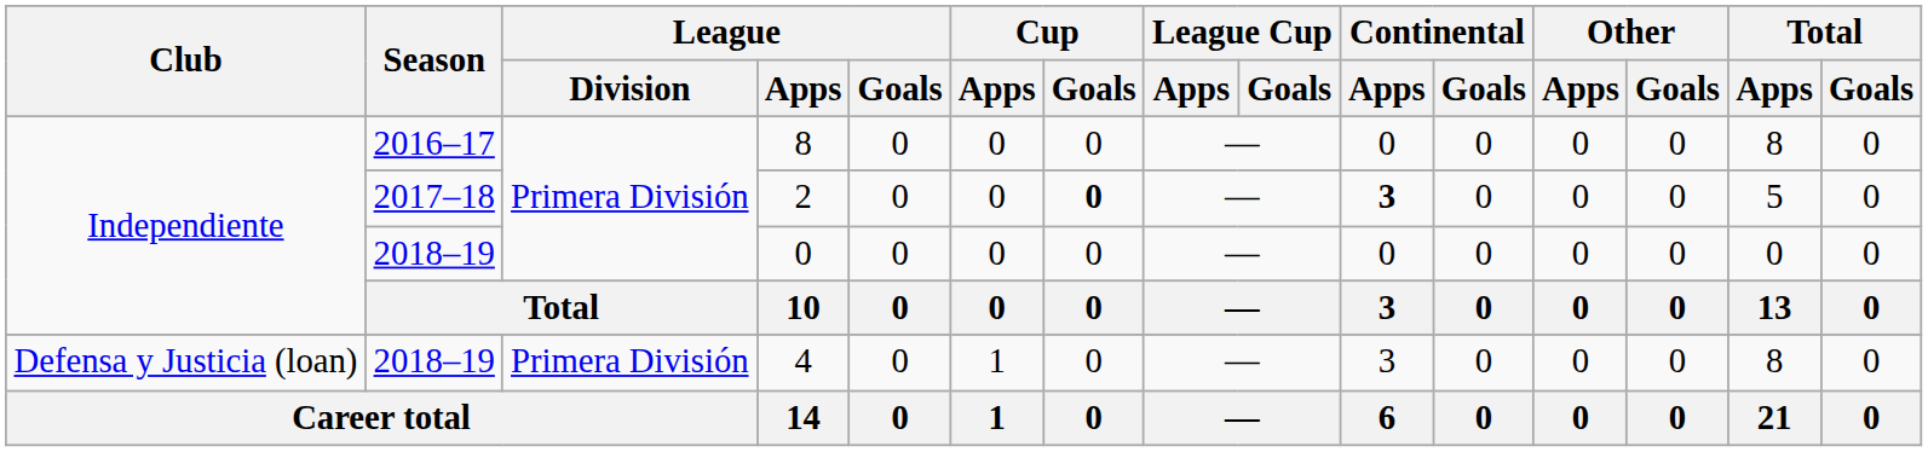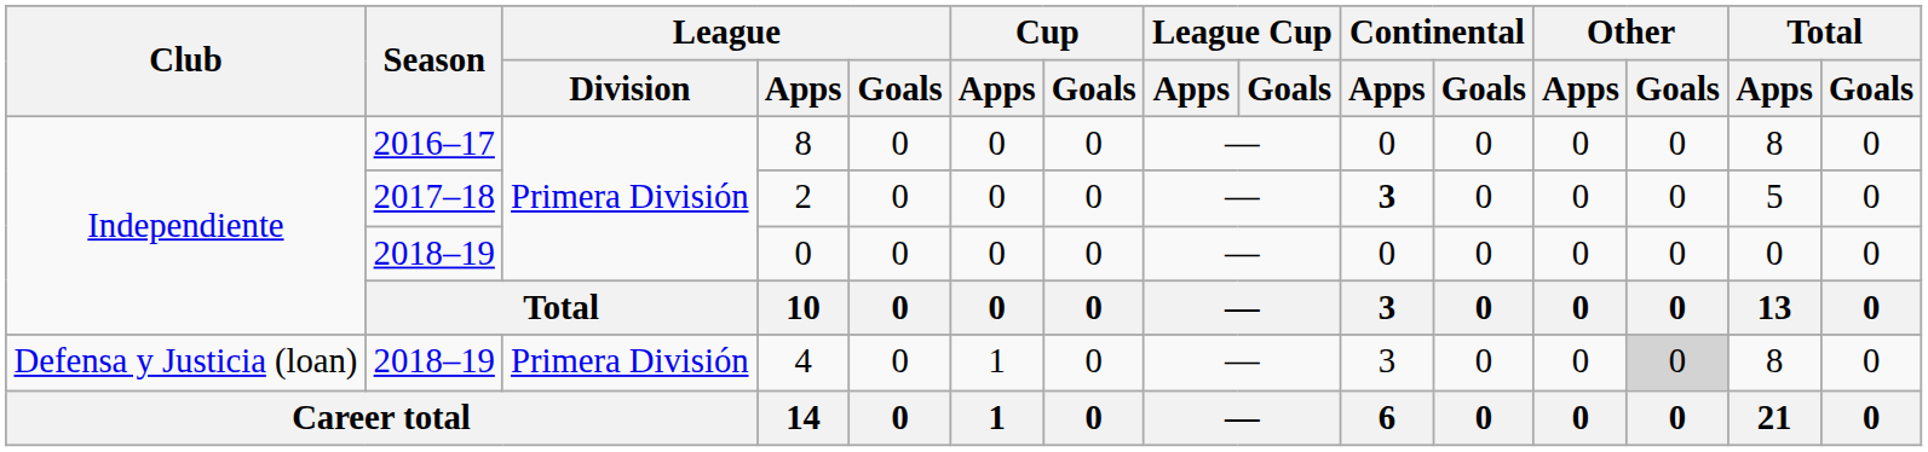 <table class="wikitable" style="text-align:center">
 <tr>
 <th rowspan="2">Club</th>
 <th rowspan="2">Season</th>
 <th colspan="3">League</th>
 <th colspan="2">Cup</th>
 <th colspan="2">League Cup</th>
 <th colspan="2">Continental</th>
 <th colspan="2">Other</th>
 <th colspan="2">Total</th>
 </tr>
 <tr>
 <th>Division</th>
 <th>Apps</th>
 <th>Goals</th>
 <th>Apps</th>
 <th>Goals</th>
 <th>Apps</th>
 <th>Goals</th>
 <th>Apps</th>
 <th>Goals</th>
 <th>Apps</th>
 <th>Goals</th>
 <th>Apps</th>
 <th>Goals</th>
 </tr>
 <tr>
 <td rowspan="4"><a href='#'>Independiente</a></td>
 <td><a href='#'>2016–17</a></td>
 <td rowspan="3"><a href='#'>Primera División</a></td>
 <td>8</td>
 <td>0</td>
 <td>0</td>
 <td>0</td>
 <td colspan="2">—</td>
 <td>0</td>
 <td>0</td>
 <td>0</td>
 <td>0</td>
 <td>8</td>
 <td>0</td>
 </tr>
 <tr>
 <td><a href='#'>2017–18</a></td>
 <td>2</td>
 <td>0</td>
 <td>0</td>
-<td><strong>0</strong></td>
+<td>0</td>
 <td colspan="2">—</td>
 <td><strong>3</strong></td>
 <td>0</td>
 <td>0</td>
 <td>0</td>
 <td>5</td>
 <td>0</td>
 </tr>
 <tr>
 <td><a href='#'>2018–19</a></td>
 <td>0</td>
 <td>0</td>
 <td>0</td>
 <td>0</td>
 <td colspan="2">—</td>
 <td>0</td>
 <td>0</td>
 <td>0</td>
 <td>0</td>
 <td>0</td>
 <td>0</td>
 </tr>
 <tr>
 <th colspan="2">Total</th>
 <th>10</th>
 <th>0</th>
 <th>0</th>
 <th>0</th>
 <th colspan="2">—</th>
 <th>3</th>
 <th>0</th>
 <th>0</th>
 <th>0</th>
 <th>13</th>
 <th>0</th>
 </tr>
 <tr>
 <td rowspan="1"><a href='#'>Defensa y Justicia</a> (loan)</td>
 <td><a href='#'>2018–19</a></td>
 <td rowspan="1"><a href='#'>Primera División</a></td>
 <td>4</td>
 <td>0</td>
 <td>1</td>
 <td>0</td>
 <td colspan="2">—</td>
 <td>3</td>
 <td>0</td>
 <td>0</td>
-<td>0</td>
+<td style="background: lightgrey;">0</td>
 <td>8</td>
 <td>0</td>
 </tr>
 <tr>
 <th colspan="3">Career total</th>
 <th>14</th>
 <th>0</th>
 <th>1</th>
 <th>0</th>
 <th colspan="2">—</th>
 <th>6</th>
 <th>0</th>
 <th>0</th>
 <th>0</th>
 <th>21</th>
 <th>0</th>
 </tr>
 </table>
